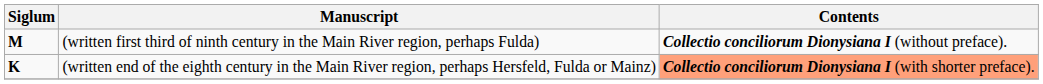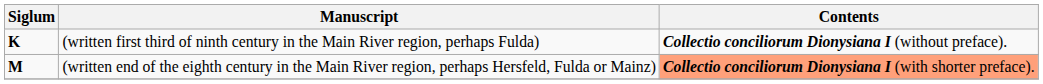 <table class="wikitable">
 <tr>
 <th>Siglum</th>
 <th>Manuscript</th>
 <th>Contents</th>
 </tr>
 <tr>
-<td><strong>M</strong></td>
+<td><strong>K</strong></td>
 <td> (written first third of ninth century in the Main River region, perhaps Fulda)</td>
 <td><strong><em>Collectio conciliorum Dionysiana I</em></strong> (without preface).</td>
 </tr>
 <tr>
-<td><strong>K</strong></td>
+<td><strong>M</strong></td>
 <td> (written end of the eighth century in the Main River region, perhaps Hersfeld, Fulda or Mainz)</td>
 <td style="background: lightsalmon;"><strong><em>Collectio conciliorum Dionysiana I</em></strong> (with shorter preface).</td>
 </tr>
 <tr>
 </tr>
 </table>
